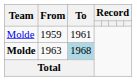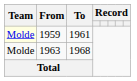 <table class=wikitable style="text-align:center">
 <tr>
 <th rowspan=2>Team</th>
 <th rowspan=2>From</th>
 <th rowspan=2>To</th>
 <th colspan=5>Record</th>
 </tr>
 <tr>
 <th></th>
 <th></th>
 <th></th>
 <th></th>
 <th></th>
 </tr>
 <tr>
-<td align=left><a href='#'>Molde</a></td>
+<td align=left style="background: lightyellow;"><a href='#'>Molde</a></td>
 <td align=left>1959</td>
 <td align=left>1961<br></td>
 </tr>
 <tr>
-<td align=left><strong>Molde</strong></td>
+<td align=left>Molde</td>
 <td align=left>1963</td>
-<td align=left style="background: lightblue;">1968<br></td>
+<td align=left>1968<br></td>
 </tr>
 <tr>
 <th colspan=3>Total<br></th>
 </tr>
 </table>
